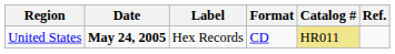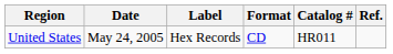 <table class="wikitable">
 <tr>
 <th scope="col">Region</th>
 <th scope="col">Date</th>
 <th scope="col">Label</th>
 <th scope="col">Format</th>
 <th scope="col">Catalog #</th>
 <th scope="col">Ref.</th>
 </tr>
 <tr>
 <td> <a href='#'>United States</a></td>
-<td><strong>May 24, 2005</strong></td>
+<td>May 24, 2005</td>
 <td rowspan="3">Hex Records</td>
 <td rowspan="2"><a href='#'>CD</a></td>
-<td style="background: khaki;">HR011</td>
+<td>HR011</td>
 <td></td>
 </tr>
 </table>
